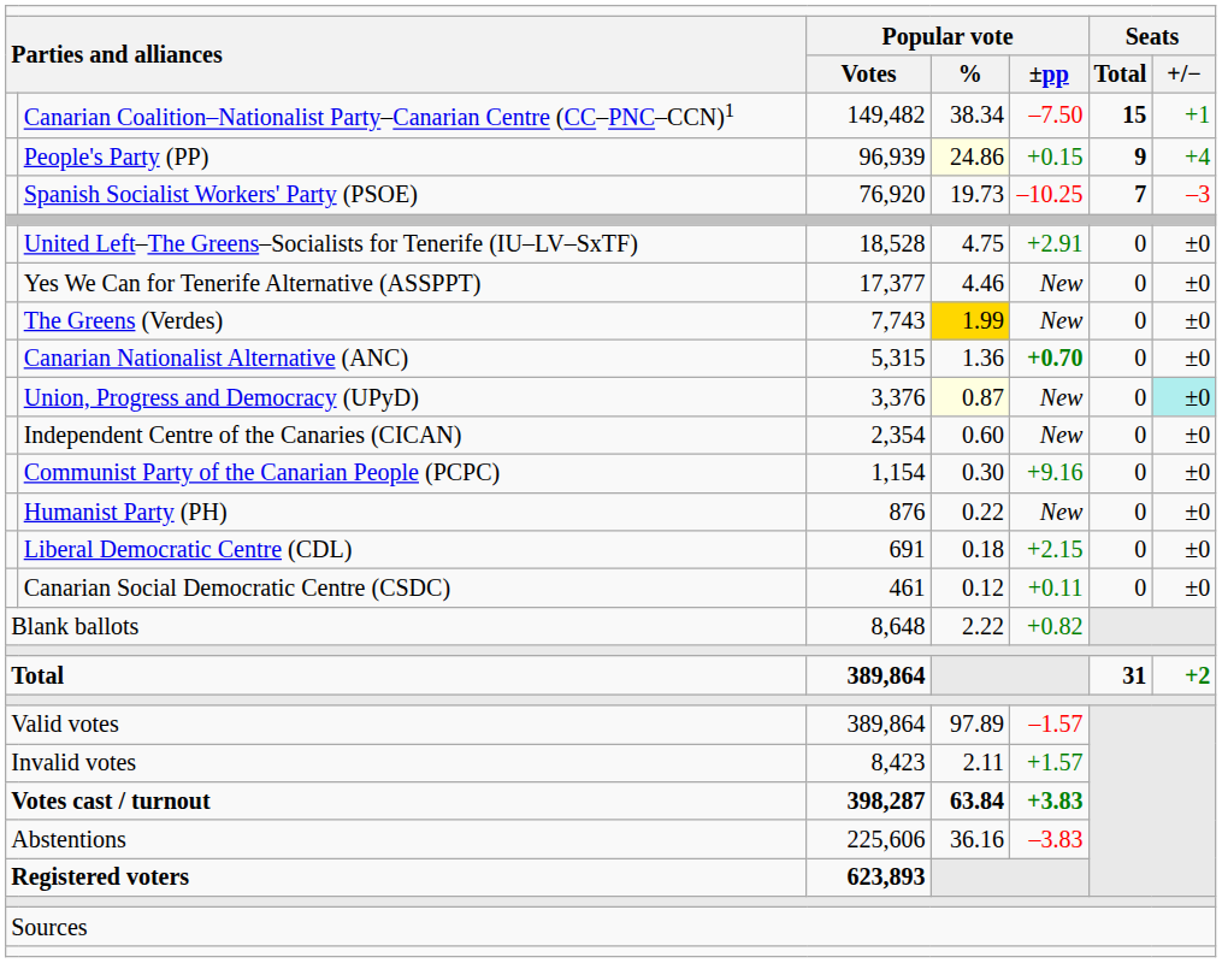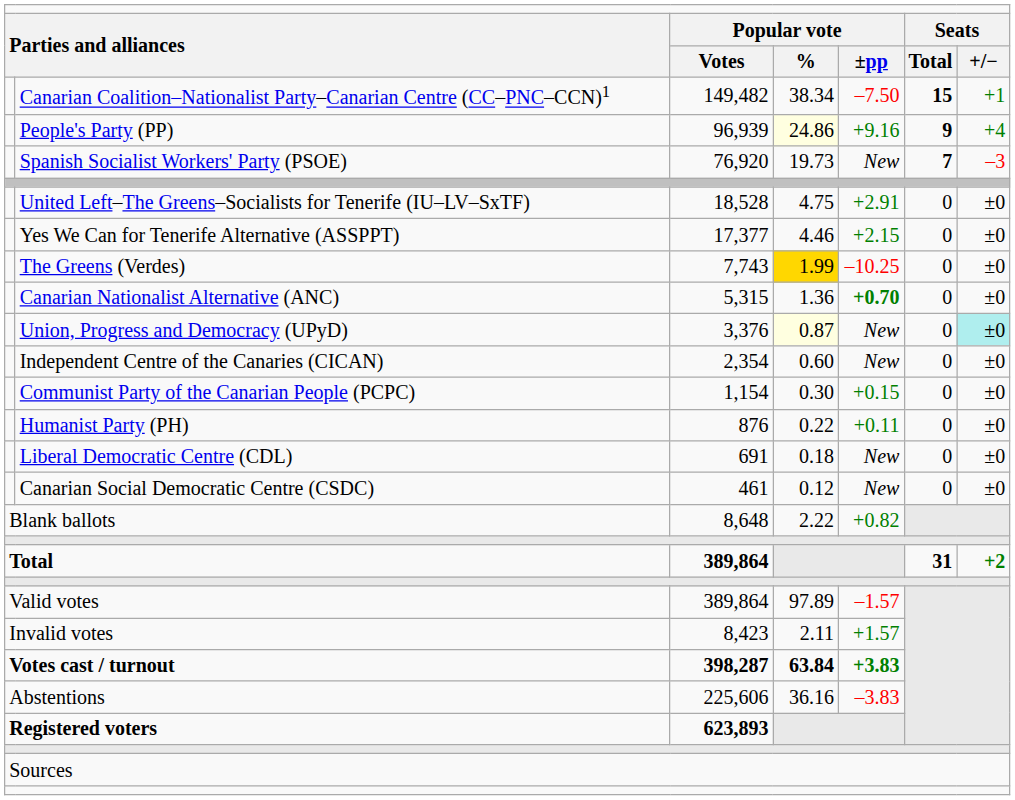 <table class="wikitable" style="text-align:right;">
 <tr>
 <td colspan="7"></td>
 </tr>
 <tr>
 <th style="text-align:left;" rowspan="2" colspan="2" width="525">Parties and alliances</th>
 <th colspan="3">Popular vote</th>
 <th colspan="2">Seats</th>
 </tr>
 <tr>
 <th width="75">Votes</th>
 <th width="45">%</th>
 <th width="45">±<a href='#'>pp</a></th>
 <th width="35">Total</th>
 <th width="35">+/−</th>
 </tr>
 <tr>
 <td width="1" style="color:inherit;background:"></td>
 <td align="left"><a href='#'>Canarian Coalition–Nationalist Party</a>–<a href='#'>Canarian Centre</a> (<a href='#'>CC</a>–<a href='#'>PNC</a>–CCN)<sup>1</sup></td>
 <td>149,482</td>
 <td>38.34</td>
 <td style="color:red;">–7.50</td>
 <td><strong>15</strong></td>
 <td style="color:green;">+1</td>
 </tr>
 <tr>
 <td style="color:inherit;background:"></td>
 <td align="left"><a href='#'>People's Party</a> (PP)</td>
 <td>96,939</td>
 <td style="background: lightyellow;">24.86</td>
-<td style="color:green;">+0.15</td>
+<td style="color:green;">+9.16</td>
 <td><strong>9</strong></td>
 <td style="color:green;">+4</td>
 </tr>
 <tr>
 <td style="color:inherit;background:"></td>
 <td align="left"><a href='#'>Spanish Socialist Workers' Party</a> (PSOE)</td>
 <td>76,920</td>
 <td>19.73</td>
-<td style="color:red;">–10.25</td>
+<td><em>New</em></td>
 <td><strong>7</strong></td>
 <td style="color:red;">–3</td>
 </tr>
 <tr>
 <td colspan="7" bgcolor="#C0C0C0"></td>
 </tr>
 <tr>
 <td style="color:inherit;background:"></td>
 <td align="left"><a href='#'>United Left</a>–<a href='#'>The Greens</a>–Socialists for Tenerife (IU–LV–SxTF)</td>
 <td>18,528</td>
 <td>4.75</td>
 <td style="color:green;">+2.91</td>
 <td>0</td>
 <td>±0</td>
 </tr>
 <tr>
 <td style="color:inherit;background:"></td>
 <td align="left">Yes We Can for Tenerife Alternative (ASSPPT)</td>
 <td>17,377</td>
 <td>4.46</td>
-<td><em>New</em></td>
+<td style="color:green;">+2.15</td>
 <td>0</td>
 <td>±0</td>
 </tr>
 <tr>
 <td style="color:inherit;background:"></td>
 <td align="left"><a href='#'>The Greens</a> (Verdes)</td>
 <td>7,743</td>
 <td style="background: gold;">1.99</td>
-<td><em>New</em></td>
+<td style="color:red;">–10.25</td>
 <td>0</td>
 <td>±0</td>
 </tr>
 <tr>
 <td style="color:inherit;background:"></td>
 <td align="left"><a href='#'>Canarian Nationalist Alternative</a> (ANC)</td>
 <td>5,315</td>
 <td>1.36</td>
 <td style="color:green;"><strong>+0.70</strong></td>
 <td>0</td>
 <td>±0</td>
 </tr>
 <tr>
 <td style="color:inherit;background:"></td>
 <td align="left"><a href='#'>Union, Progress and Democracy</a> (UPyD)</td>
 <td>3,376</td>
 <td style="background: lightyellow;">0.87</td>
 <td><em>New</em></td>
 <td>0</td>
 <td style="background: paleturquoise;">±0</td>
 </tr>
 <tr>
 <td style="color:inherit;background:"></td>
 <td align="left">Independent Centre of the Canaries (CICAN)</td>
 <td>2,354</td>
 <td>0.60</td>
 <td><em>New</em></td>
 <td>0</td>
 <td>±0</td>
 </tr>
 <tr>
 <td style="color:inherit;background:"></td>
 <td align="left"><a href='#'>Communist Party of the Canarian People</a> (PCPC)</td>
 <td>1,154</td>
 <td>0.30</td>
-<td style="color:green;">+9.16</td>
+<td style="color:green;">+0.15</td>
 <td>0</td>
 <td>±0</td>
 </tr>
 <tr>
 <td style="color:inherit;background:"></td>
 <td align="left"><a href='#'>Humanist Party</a> (PH)</td>
 <td>876</td>
 <td>0.22</td>
-<td><em>New</em></td>
+<td style="color:green;">+0.11</td>
 <td>0</td>
 <td>±0</td>
 </tr>
 <tr>
 <td style="color:inherit;background:"></td>
 <td align="left"><a href='#'>Liberal Democratic Centre</a> (CDL)</td>
 <td>691</td>
 <td>0.18</td>
-<td style="color:green;">+2.15</td>
+<td><em>New</em></td>
 <td>0</td>
 <td>±0</td>
 </tr>
 <tr>
 <td style="color:inherit;background:"></td>
 <td align="left">Canarian Social Democratic Centre (CSDC)</td>
 <td>461</td>
 <td>0.12</td>
-<td style="color:green;">+0.11</td>
+<td><em>New</em></td>
 <td>0</td>
 <td>±0</td>
 </tr>
 <tr>
 <td align="left" colspan="2">Blank ballots</td>
 <td>8,648</td>
 <td>2.22</td>
 <td style="color:green;">+0.82</td>
 <td bgcolor="#E9E9E9" colspan="2"></td>
 </tr>
 <tr>
 <td colspan="7" bgcolor="#E9E9E9"></td>
 </tr>
 <tr style="font-weight:bold;">
 <td align="left" colspan="2">Total</td>
 <td>389,864</td>
 <td bgcolor="#E9E9E9" colspan="2"></td>
 <td>31</td>
 <td style="color:green;">+2</td>
 </tr>
 <tr>
 <td colspan="7" bgcolor="#E9E9E9"></td>
 </tr>
 <tr>
 <td align="left" colspan="2">Valid votes</td>
 <td>389,864</td>
 <td>97.89</td>
 <td style="color:red;">–1.57</td>
 <td bgcolor="#E9E9E9" colspan="2" rowspan="5"></td>
 </tr>
 <tr>
 <td align="left" colspan="2">Invalid votes</td>
 <td>8,423</td>
 <td>2.11</td>
 <td style="color:green;">+1.57</td>
 </tr>
 <tr style="font-weight:bold;">
 <td align="left" colspan="2">Votes cast / turnout</td>
 <td>398,287</td>
 <td>63.84</td>
 <td style="color:green;">+3.83</td>
 </tr>
 <tr>
 <td align="left" colspan="2">Abstentions</td>
 <td>225,606</td>
 <td>36.16</td>
 <td style="color:red;">–3.83</td>
 </tr>
 <tr style="font-weight:bold;">
 <td align="left" colspan="2">Registered voters</td>
 <td>623,893</td>
 <td bgcolor="#E9E9E9" colspan="2"></td>
 </tr>
 <tr>
 <td colspan="7" bgcolor="#E9E9E9"></td>
 </tr>
 <tr>
 <td align="left" colspan="7">Sources</td>
 </tr>
 <tr>
 <td colspan="7" style="text-align:left; max-width:790px;"></td>
 </tr>
 </table>
